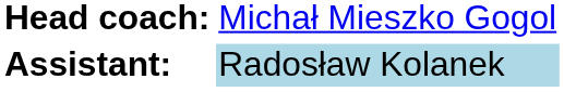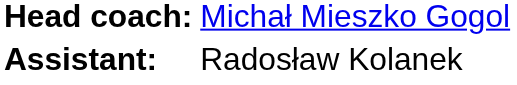 <table>
 <tr>
 <td><strong>Head coach:</strong></td>
 <td> <a href='#'>Michał Mieszko Gogol</a></td>
 </tr>
 <tr>
 <td><strong>Assistant:</strong></td>
-<td style="background: lightblue;"> Radosław Kolanek</td>
+<td> Radosław Kolanek</td>
 </tr>
 </table>
